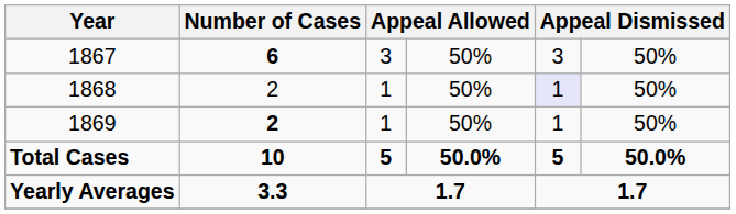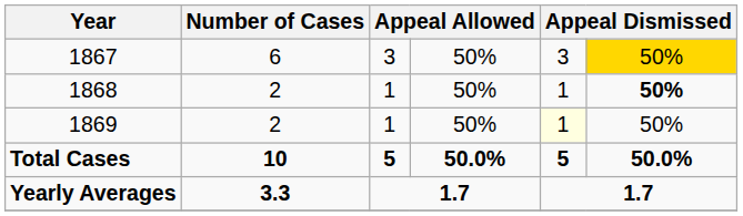 <table class="wikitable sortable">
 <tr>
 <th>Year</th>
 <th>Number of Cases</th>
 <th colspan=2>Appeal Allowed</th>
 <th colspan=2>Appeal Dismissed</th>
 </tr>
 <tr>
 <td style="text-align: center;">1867</td>
-<td style="text-align: center;"><strong>6</strong></td>
+<td style="text-align: center;">6</td>
 <td style="text-align: center;">3</td>
 <td style="text-align: center;">50%</td>
 <td style="text-align: center;">3</td>
-<td style="text-align: center;">50%</td>
+<td style="background: gold; text-align: center;">50%</td>
 </tr>
 <tr>
 <td style="text-align: center;">1868</td>
 <td style="text-align: center;">2</td>
 <td style="text-align: center;">1</td>
 <td style="text-align: center;">50%</td>
-<td style="background: lavender; text-align: center;">1</td>
-<td style="text-align: center;">50%</td>
+<td style="text-align: center;">1</td>
+<td style="text-align: center;"><strong>50%</strong></td>
 </tr>
 <tr>
 <td style="text-align: center;">1869</td>
-<td style="text-align: center;"><strong>2</strong></td>
+<td style="text-align: center;">2</td>
 <td style="text-align: center;">1</td>
 <td style="text-align: center;">50%</td>
-<td style="text-align: center;">1</td>
+<td style="background: lightyellow; text-align: center;">1</td>
 <td style="text-align: center;">50%</td>
 </tr>
 <tr>
 <td><strong>Total Cases</strong></td>
 <td style="text-align: center;"><strong>10</strong></td>
 <td style="text-align: center;"><strong>5</strong></td>
 <td style="text-align: center;"><strong>50.0%</strong></td>
 <td style="text-align: center;"><strong>5</strong></td>
 <td style="text-align: center;"><strong>50.0%</strong></td>
 </tr>
 <tr>
 <td><strong>Yearly Averages</strong></td>
 <td style="text-align: center;"><strong>3.3</strong></td>
 <td colspan=2 style="text-align: center;"><strong>1.7</strong></td>
 <td colspan=2 style="text-align:center;"><strong>1.7</strong></td>
 </tr>
 <tr>
 </tr>
 </table>
